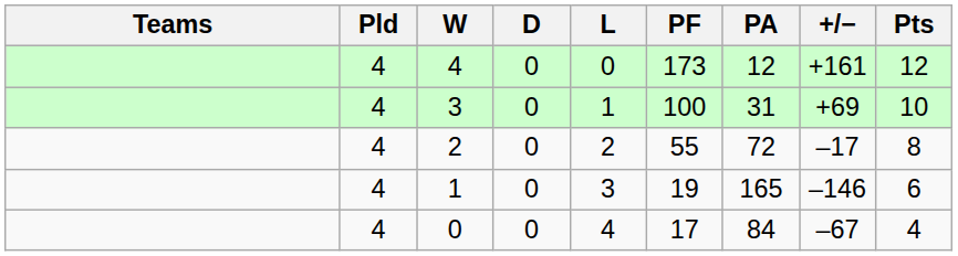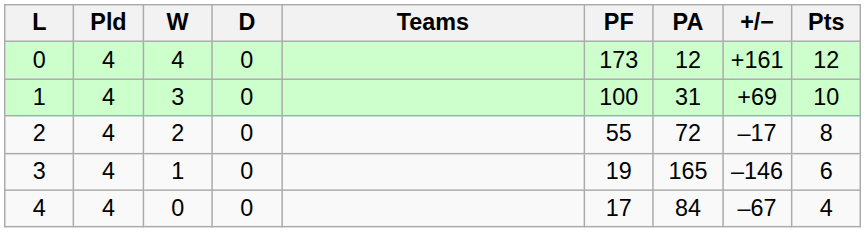 <table class="wikitable" style="text-align: center;">
 <tr>
-<th width="200">Teams</th>
+<th width="40">L</th>
 <th width="40">Pld</th>
 <th width="40">W</th>
 <th width="40">D</th>
-<th width="40">L</th>
+<th width="200">Teams</th>
 <th width="40">PF</th>
 <th width="40">PA</th>
 <th width="40">+/−</th>
 <th width="40">Pts</th>
 </tr>
 <tr bgcolor=ccffcc>
-<td align=left></td>
+<td>0</td>
 <td>4</td>
 <td>4</td>
 <td>0</td>
-<td>0</td>
+<td align=left></td>
 <td>173</td>
 <td>12</td>
 <td>+161</td>
 <td>12</td>
 </tr>
 <tr bgcolor="ccffcc">
-<td align="left"></td>
+<td>1</td>
 <td>4</td>
 <td>3</td>
 <td>0</td>
-<td>1</td>
+<td align="left"></td>
 <td>100</td>
 <td>31</td>
 <td>+69</td>
 <td>10</td>
 </tr>
 <tr>
-<td align="left"></td>
+<td>2</td>
 <td>4</td>
 <td>2</td>
 <td>0</td>
-<td>2</td>
+<td align="left"></td>
 <td>55</td>
 <td>72</td>
 <td>–17</td>
 <td>8</td>
 </tr>
 <tr>
-<td align="left"></td>
+<td>3</td>
 <td>4</td>
 <td>1</td>
 <td>0</td>
-<td>3</td>
+<td align="left"></td>
 <td>19</td>
 <td>165</td>
 <td>–146</td>
 <td>6</td>
 </tr>
 <tr>
-<td align="left"></td>
+<td>4</td>
 <td>4</td>
 <td>0</td>
 <td>0</td>
-<td>4</td>
+<td align="left"></td>
 <td>17</td>
 <td>84</td>
 <td>–67</td>
 <td>4</td>
 </tr>
 </table>
